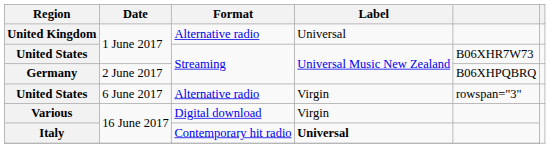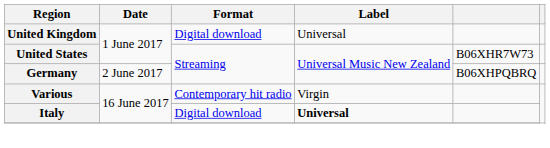 <table class="wikitable plainrowheaders">
 <tr>
 <th scope="col">Region</th>
 <th scope="col">Date</th>
 <th scope="col">Format</th>
 <th scope="col">Label</th>
 <th scope="col"></th>
 <th scope="col"></th>
 </tr>
 <tr>
 <th scope="row">United Kingdom</th>
 <td rowspan="2">1 June 2017</td>
-<td><a href='#'>Alternative radio</a></td>
+<td><a href='#'>Digital download</a></td>
 <td>Universal</td>
 <td></td>
 <td align="center"></td>
 </tr>
 <tr>
 <th scope="row" rowspan="1">United States</th>
 <td rowspan="2"><a href='#'>Streaming</a></td>
 <td rowspan="2"><a href='#'>Universal Music New Zealand</a></td>
 <td>B06XHR7W73</td>
 <td align="center"></td>
 </tr>
 <tr>
 <th scope="row">Germany</th>
 <td>2 June 2017</td>
 <td>B06XHPQBRQ</td>
 <td align="center"></td>
 </tr>
 <tr>
-<th scope="row">United States</th>
-<td>6 June 2017</td>
-<td><a href='#'>Alternative radio</a></td>
-<td>Virgin</td>
-<td>rowspan="3" </td>
-<td align="center"></td>
-</tr>
-<tr>
 <th scope="row">Various</th>
 <td rowspan="2">16 June 2017</td>
-<td><a href='#'>Digital download</a></td>
+<td><a href='#'>Contemporary hit radio</a></td>
 <td>Virgin</td>
 <td align="center"></td>
 </tr>
 <tr>
 <th scope="row">Italy</th>
-<td><a href='#'>Contemporary hit radio</a></td>
+<td><a href='#'>Digital download</a></td>
 <td><strong>Universal</strong></td>
 <td align="center"></td>
 </tr>
 <tr>
 </tr>
 </table>
